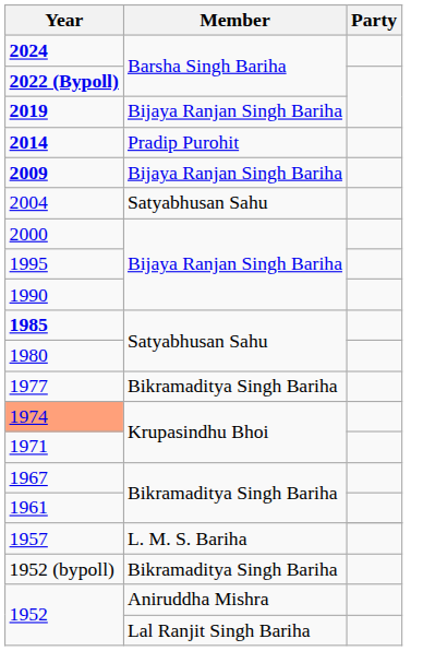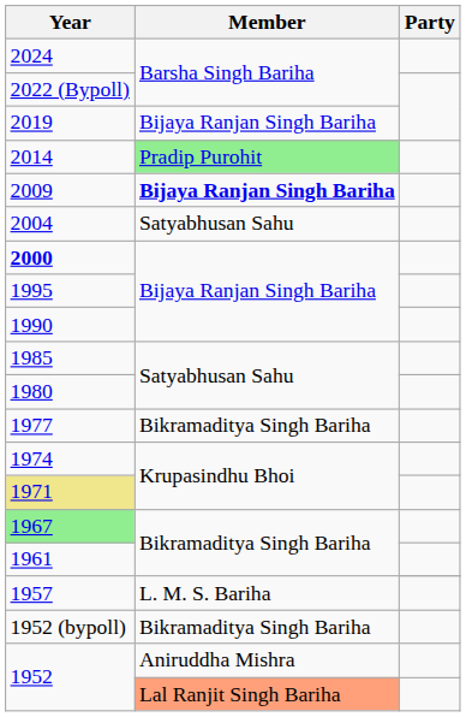 <table class="wikitable sortable">
 <tr>
 <th>Year</th>
 <th>Member</th>
 <th colspan="2">Party</th>
 </tr>
 <tr>
-<td><strong><a href='#'>2024</a></strong></td>
+<td><a href='#'>2024</a></td>
 <td rowspan=2><a href='#'>Barsha Singh Bariha</a></td>
 <td></td>
 </tr>
 <tr>
-<td><strong><a href='#'>2022 (Bypoll)</a></strong></td>
+<td><a href='#'>2022 (Bypoll)</a></td>
 </tr>
 <tr>
-<td><strong><a href='#'>2019</a></strong></td>
+<td><a href='#'>2019</a></td>
 <td><a href='#'>Bijaya Ranjan Singh Bariha</a></td>
 </tr>
 <tr>
-<td><strong><a href='#'>2014</a></strong></td>
-<td><a href='#'>Pradip Purohit</a></td>
+<td><a href='#'>2014</a></td>
+<td style="background: lightgreen;"><a href='#'>Pradip Purohit</a></td>
 <td></td>
 </tr>
 <tr>
-<td><strong><a href='#'>2009</a></strong></td>
-<td><a href='#'>Bijaya Ranjan Singh Bariha</a></td>
+<td><a href='#'>2009</a></td>
+<td><strong><a href='#'>Bijaya Ranjan Singh Bariha</a></strong></td>
 <td></td>
 </tr>
 <tr>
 <td><a href='#'>2004</a></td>
 <td>Satyabhusan Sahu</td>
 <td></td>
 </tr>
 <tr>
-<td><a href='#'>2000</a></td>
+<td><strong><a href='#'>2000</a></strong></td>
 <td rowspan=3><a href='#'>Bijaya Ranjan Singh Bariha</a></td>
 <td></td>
 </tr>
 <tr>
 <td><a href='#'>1995</a></td>
 <td></td>
 </tr>
 <tr>
 <td><a href='#'>1990</a></td>
 </tr>
 <tr>
-<td><strong><a href='#'>1985</a></strong></td>
+<td><a href='#'>1985</a></td>
 <td rowspan=2>Satyabhusan Sahu</td>
 <td></td>
 </tr>
 <tr>
 <td><a href='#'>1980</a></td>
 </tr>
 <tr>
 <td><a href='#'>1977</a></td>
 <td>Bikramaditya Singh Bariha</td>
 <td></td>
 </tr>
 <tr>
-<td style="background: lightsalmon;"><a href='#'>1974</a></td>
+<td><a href='#'>1974</a></td>
 <td rowspan=2>Krupasindhu Bhoi</td>
 <td></td>
 </tr>
 <tr>
-<td><a href='#'>1971</a></td>
+<td style="background: khaki;"><a href='#'>1971</a></td>
 <td></td>
 </tr>
 <tr>
-<td><a href='#'>1967</a></td>
+<td style="background: lightgreen;"><a href='#'>1967</a></td>
 <td rowspan=3>Bikramaditya Singh Bariha</td>
 <td></td>
 </tr>
 <tr>
 <td><a href='#'>1961</a></td>
 <td></td>
 </tr>
 <tr>
 <td rowspan="2"><a href='#'>1957</a></td>
 </tr>
 <tr>
 <td>L. M. S. Bariha</td>
 <td></td>
 </tr>
 <tr>
 <td>1952 (bypoll)</td>
 <td>Bikramaditya Singh Bariha</td>
 <td></td>
 </tr>
 <tr>
 <td rowspan="2"><a href='#'>1952</a></td>
 <td>Aniruddha Mishra</td>
 <td></td>
 </tr>
 <tr>
-<td>Lal Ranjit Singh Bariha</td>
+<td style="background: lightsalmon;">Lal Ranjit Singh Bariha</td>
 <td></td>
 </tr>
 </table>
